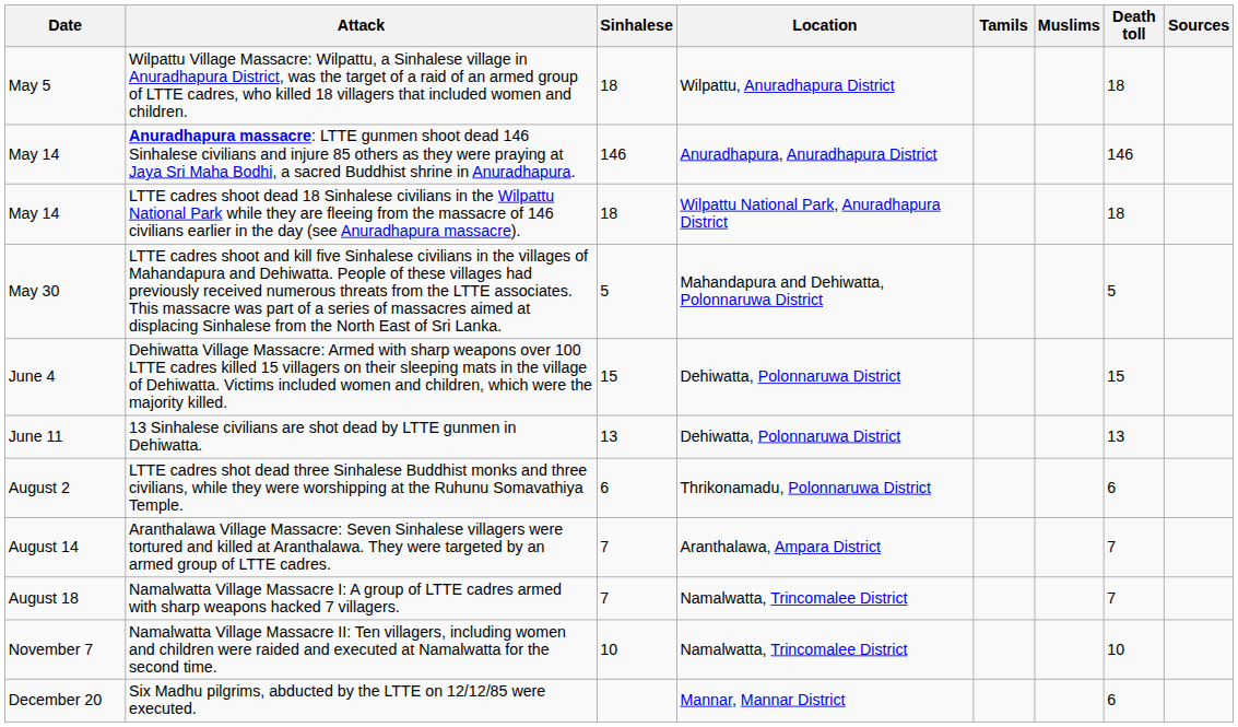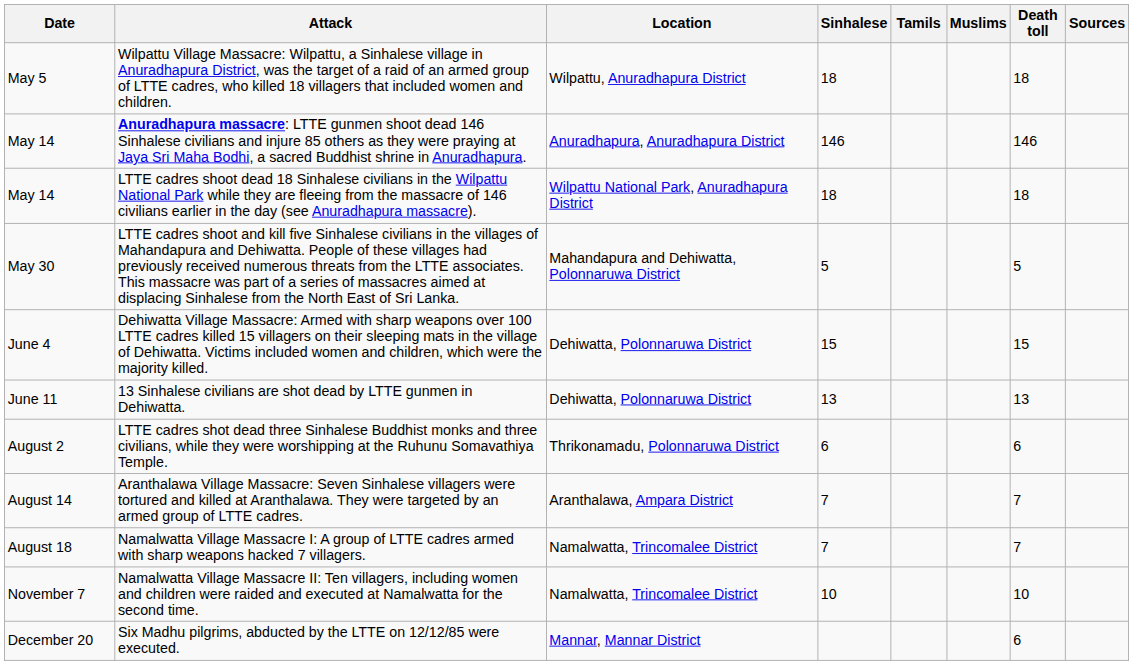 <table class="wikitable" style="width:100%;">
 <tr>
 <th width="10%">Date</th>
 <th width="40%">Attack</th>
+<th width="25%">Location</th>
 <th width="5%">Sinhalese</th>
-<th width="25%">Location</th>
 <th width="5%">Tamils</th>
 <th width="5%">Muslims</th>
 <th width="5%">Death toll</th>
 <th width="5%">Sources</th>
 </tr>
 <tr>
 <td>May 5</td>
 <td>Wilpattu Village Massacre: Wilpattu, a Sinhalese village in <a href='#'>Anuradhapura District</a>, was the target of a raid of an armed group of LTTE cadres, who killed 18 villagers that included women and children.</td>
+<td>Wilpattu, <a href='#'>Anuradhapura District</a></td>
 <td>18</td>
-<td>Wilpattu, <a href='#'>Anuradhapura District</a></td>
 <td></td>
 <td></td>
 <td>18</td>
 <td></td>
 </tr>
 <tr>
 <td>May 14</td>
 <td><strong><a href='#'>Anuradhapura massacre</a></strong>: LTTE gunmen shoot dead 146 Sinhalese civilians and injure 85 others as they were praying at <a href='#'>Jaya Sri Maha Bodhi</a>, a sacred Buddhist shrine in <a href='#'>Anuradhapura</a>.</td>
+<td><a href='#'>Anuradhapura</a>, <a href='#'>Anuradhapura District</a></td>
 <td>146</td>
-<td><a href='#'>Anuradhapura</a>, <a href='#'>Anuradhapura District</a></td>
 <td></td>
 <td></td>
 <td>146</td>
 <td></td>
 </tr>
 <tr>
 <td>May 14</td>
 <td>LTTE cadres shoot dead 18 Sinhalese civilians in the <a href='#'>Wilpattu National Park</a> while they are fleeing from the massacre of 146 civilians earlier in the day (see <a href='#'>Anuradhapura massacre</a>).</td>
+<td><a href='#'>Wilpattu National Park</a>, <a href='#'>Anuradhapura District</a></td>
 <td>18</td>
-<td><a href='#'>Wilpattu National Park</a>, <a href='#'>Anuradhapura District</a></td>
 <td></td>
 <td></td>
 <td>18</td>
 <td></td>
 </tr>
 <tr>
 <td>May 30</td>
 <td>LTTE cadres shoot and kill five Sinhalese civilians in the villages of Mahandapura and Dehiwatta. People of these villages had previously received numerous threats from the LTTE associates. This massacre was part of a series of massacres aimed at displacing Sinhalese from the North East of Sri Lanka.</td>
+<td>Mahandapura and Dehiwatta, <a href='#'>Polonnaruwa District</a></td>
 <td>5</td>
-<td>Mahandapura and Dehiwatta, <a href='#'>Polonnaruwa District</a></td>
 <td></td>
 <td></td>
 <td>5</td>
 <td></td>
 </tr>
 <tr>
 <td>June 4</td>
 <td>Dehiwatta Village Massacre: Armed with sharp weapons over 100 LTTE cadres killed 15 villagers on their sleeping mats in the village of Dehiwatta. Victims included women and children, which were the majority killed.</td>
+<td>Dehiwatta, <a href='#'>Polonnaruwa District</a></td>
 <td>15</td>
-<td>Dehiwatta, <a href='#'>Polonnaruwa District</a></td>
 <td></td>
 <td></td>
 <td>15</td>
 <td></td>
 </tr>
 <tr>
 <td>June 11</td>
 <td>13 Sinhalese civilians are shot dead by LTTE gunmen in Dehiwatta.</td>
+<td>Dehiwatta, <a href='#'>Polonnaruwa District</a></td>
 <td>13</td>
-<td>Dehiwatta, <a href='#'>Polonnaruwa District</a></td>
 <td></td>
 <td></td>
 <td>13</td>
 <td></td>
 </tr>
 <tr>
 <td>August 2</td>
 <td>LTTE cadres shot dead three Sinhalese Buddhist monks and three civilians, while they were worshipping at the Ruhunu Somavathiya Temple.</td>
+<td>Thrikonamadu, <a href='#'>Polonnaruwa District</a></td>
 <td>6</td>
-<td>Thrikonamadu, <a href='#'>Polonnaruwa District</a></td>
 <td></td>
 <td></td>
 <td>6</td>
 <td></td>
 </tr>
 <tr>
 <td>August 14</td>
 <td>Aranthalawa Village Massacre: Seven Sinhalese villagers were tortured and killed at Aranthalawa. They were targeted by an armed group of LTTE cadres.</td>
+<td>Aranthalawa, <a href='#'>Ampara District</a></td>
 <td>7</td>
-<td>Aranthalawa, <a href='#'>Ampara District</a></td>
 <td></td>
 <td></td>
 <td>7</td>
 <td></td>
 </tr>
 <tr>
 <td>August 18</td>
 <td>Namalwatta Village Massacre I: A group of LTTE cadres armed with sharp weapons hacked 7 villagers.</td>
+<td>Namalwatta, <a href='#'>Trincomalee District</a></td>
 <td>7</td>
-<td>Namalwatta, <a href='#'>Trincomalee District</a></td>
 <td></td>
 <td></td>
 <td>7</td>
 <td></td>
 </tr>
 <tr>
 <td>November 7</td>
 <td>Namalwatta Village Massacre II: Ten villagers, including women and children were raided and executed at Namalwatta for the second time.</td>
+<td>Namalwatta, <a href='#'>Trincomalee District</a></td>
 <td>10</td>
-<td>Namalwatta, <a href='#'>Trincomalee District</a></td>
 <td></td>
 <td></td>
 <td>10</td>
 <td></td>
 </tr>
 <tr>
 <td>December 20</td>
 <td>Six Madhu pilgrims, abducted by the LTTE on 12/12/85 were executed.</td>
+<td><a href='#'>Mannar</a>, <a href='#'>Mannar District</a></td>
 <td></td>
-<td><a href='#'>Mannar</a>, <a href='#'>Mannar District</a></td>
 <td></td>
 <td></td>
 <td>6</td>
 <td></td>
 </tr>
 </table>
